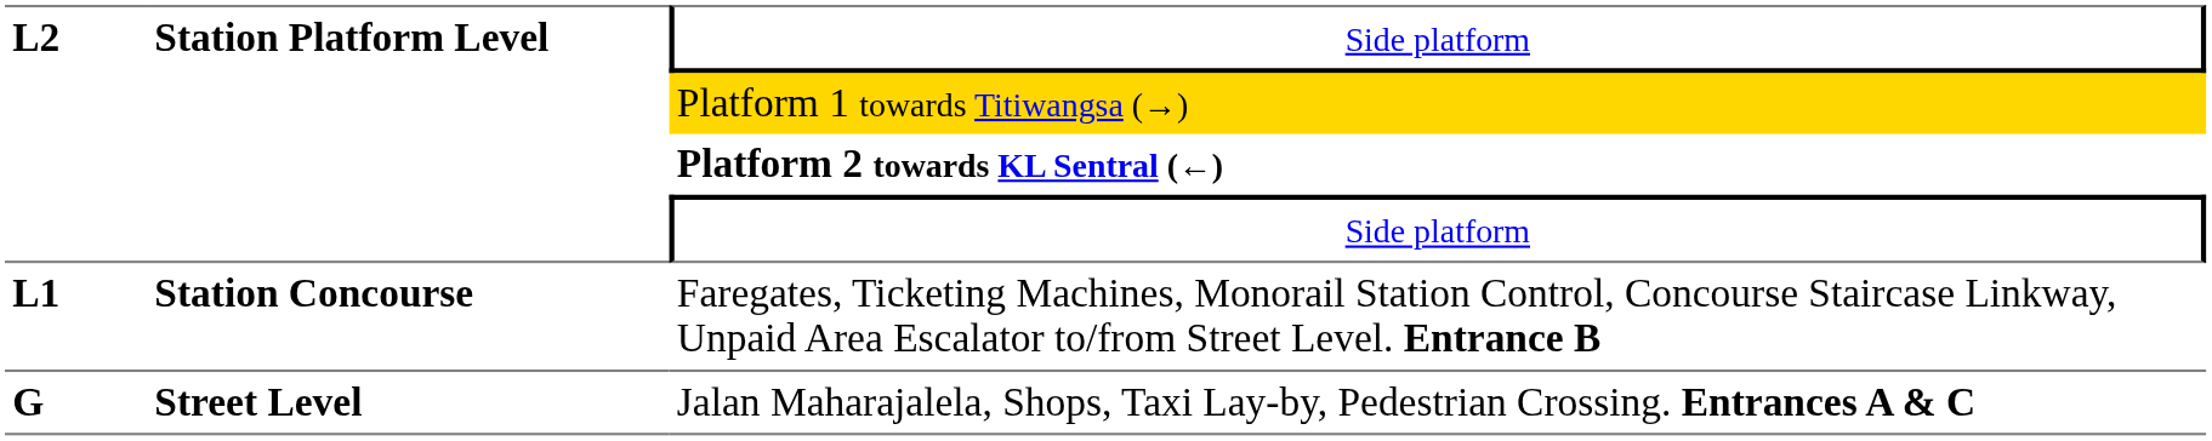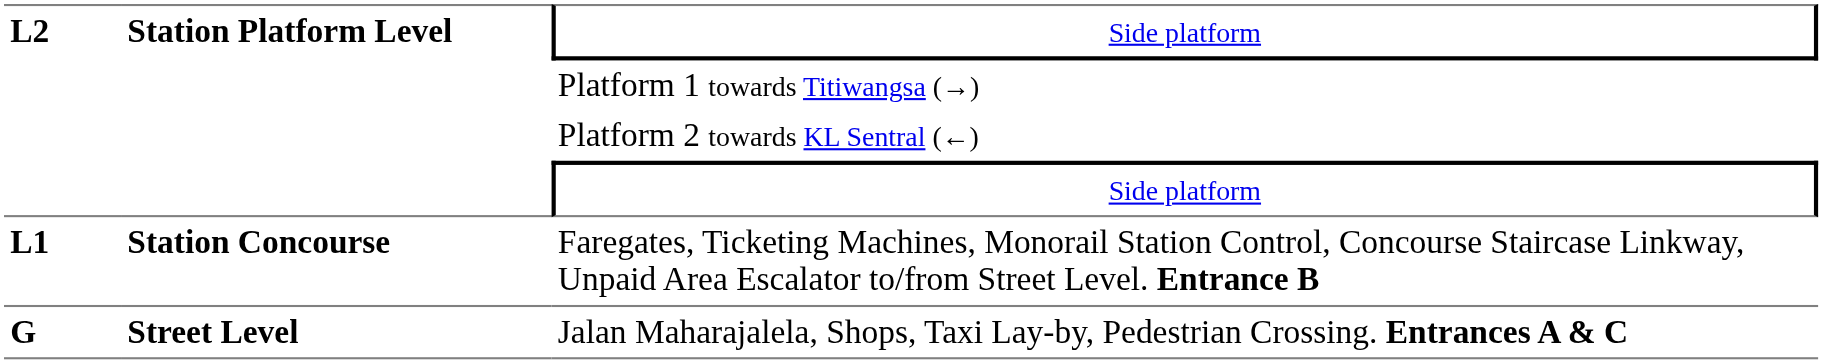 <table border="0" cellspacing="0" cellpadding="3" table>
 <tr>
 <td rowspan="4" style="border-top:solid 1px gray; border-bottom:solid 1px gray; width:50px; vertical-align:top;"><strong>L2</strong></td>
 <td rowspan="4" style="border-top:solid 1px gray; border-bottom:solid 1px gray; width:200px; vertical-align:top;"><strong>Station Platform Level</strong></td>
 <td style="border-top:solid 1px gray; border-right:solid 2px black; border-left:solid 2px black; border-bottom:solid 2px black;text-align:center;"><small><a href='#'>Side platform</a></small></td>
 </tr>
 <tr>
-<td width="600" style="background: gold;">Platform 1   <small> towards  <a href='#'>Titiwangsa</a> (→)</small></td>
+<td width="600">Platform 1   <small> towards  <a href='#'>Titiwangsa</a> (→)</small></td>
 </tr>
 <tr>
-<td width="600"><strong>Platform 2   <small> towards  <a href='#'>KL Sentral</a> (←)</small></strong></td>
+<td width="600">Platform 2   <small> towards  <a href='#'>KL Sentral</a> (←)</small></td>
 </tr>
 <tr>
 <td style="border-top:solid 2px black; border-right:solid 2px black; border-left:solid 2px black; border-bottom:solid 1px gray;text-align:center;"><small><a href='#'>Side platform</a></small></td>
 </tr>
 <tr style="vertical-align:top;">
 <td rowspan="1" style="border-bottom:solid 1px gray; "><strong>L1</strong></td>
 <td style="width:100px; border-bottom:solid 1px gray; "><strong>Station Concourse</strong></td>
 <td style="width:400px; border-bottom:solid 1px gray; ">Faregates, Ticketing Machines, Monorail Station Control, Concourse Staircase Linkway, Unpaid Area Escalator to/from Street Level. <strong>Entrance B</strong></td>
 </tr>
 <tr style="vertical-align:top;">
 <td rowspan="2" style="border-bottom:solid 1px gray; "><strong>G</strong></td>
 <td style="width:200px; border-bottom:solid 1px gray; "><strong>Street Level</strong></td>
 <td style="width:400px; border-bottom:solid 1px gray; ">Jalan Maharajalela, Shops, Taxi Lay-by, Pedestrian Crossing. <strong>Entrances A & C</strong></td>
 </tr>
 </table>
